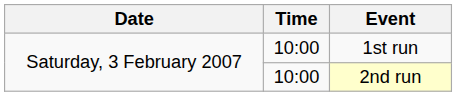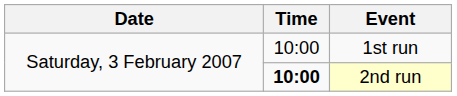 <table class = "wikitable" style="text-align:center;">
 <tr>
 <th width=220>Date</th>
 <th width=50>Time</th>
 <th width=100>Event</th>
 </tr>
 <tr>
 <td rowspan=2>Saturday, 3 February 2007</td>
 <td>10:00</td>
 <td>1st run</td>
 </tr>
 <tr>
-<td>10:00</td>
+<td><strong>10:00</strong></td>
 <td bgcolor=ffffcc>2nd run</td>
 </tr>
 </table>
